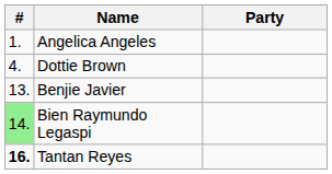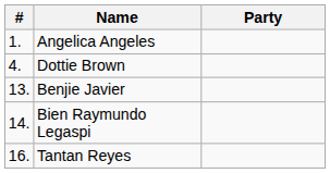 <table class=wikitable style="font-size:90%">
 <tr>
 <th>#</th>
 <th width=150px>Name</th>
 <th colspan=2 width=110px>Party</th>
 </tr>
 <tr>
 <td>1.</td>
 <td>Angelica Angeles</td>
 <td></td>
 </tr>
 <tr>
 <td>4.</td>
 <td>Dottie Brown</td>
 <td></td>
 </tr>
 <tr>
 <td>13.</td>
 <td>Benjie Javier</td>
 <td></td>
 </tr>
 <tr>
-<td style="background: lightgreen;">14.</td>
+<td>14.</td>
 <td>Bien Raymundo Legaspi</td>
 <td></td>
 </tr>
 <tr>
-<td><strong>16.</strong></td>
+<td>16.</td>
 <td>Tantan Reyes</td>
 <td></td>
 </tr>
 </table>
